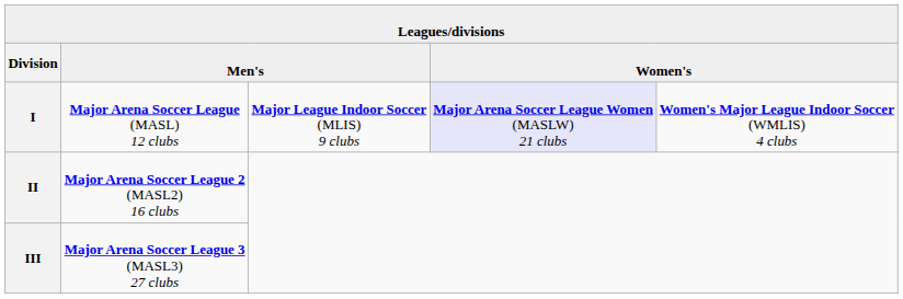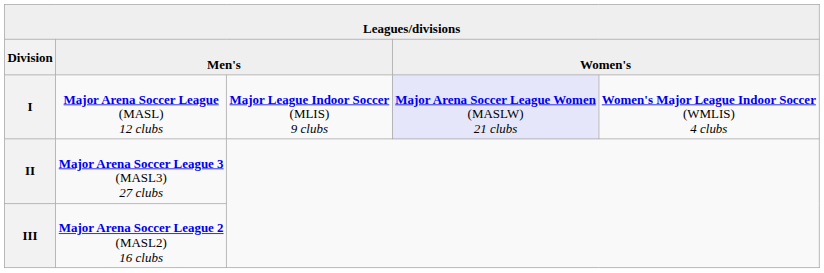 <table class="wikitable">
 <tr style="background:#efefef;">
 <td colspan=5 style="text-align:center;"><br><strong>Leagues/divisions</strong></td>
 </tr>
 <tr style="background:#efefef;">
 <th>Division</th>
 <td colspan=2 style="text-align:center;"><br><strong>Men's</strong></td>
 <td colspan=2 style="text-align:center;"><br><strong>Women's</strong></td>
 </tr>
 <tr>
 <th>I</th>
 <td style="text-align:center;"><br><strong><a href='#'>Major Arena Soccer League</a></strong><br> (MASL)<br> <em>12 clubs</em></td>
 <td style="text-align:center;"><br><strong><a href='#'>Major League Indoor Soccer</a></strong><br> (MLIS)<br> <em>9 clubs</em></td>
 <td style="background: lavender; text-align:center;"><br><strong><a href='#'>Major Arena Soccer League Women</a></strong><br> (MASLW)<br> <em>21 clubs</em></td>
 <td style="text-align:center;"><br><strong><a href='#'>Women's Major League Indoor Soccer</a></strong><br> (WMLIS)<br> <em>4 clubs</em></td>
 </tr>
 <tr>
 <th>II</th>
-<td style="text-align:center;"><br><strong><a href='#'>Major Arena Soccer League 2</a></strong><br> (MASL2)<br> <em>16 clubs</em></td>
+<td style="text-align:center;"><br><strong><a href='#'>Major Arena Soccer League 3</a></strong><br> (MASL3)<br> <em>27 clubs</em></td>
 </tr>
 <tr>
 <th>III</th>
-<td style="text-align:center;"><br><strong><a href='#'>Major Arena Soccer League 3</a></strong><br> (MASL3)<br> <em>27 clubs</em></td>
+<td style="text-align:center;"><br><strong><a href='#'>Major Arena Soccer League 2</a></strong><br> (MASL2)<br> <em>16 clubs</em></td>
 </tr>
 </table>
